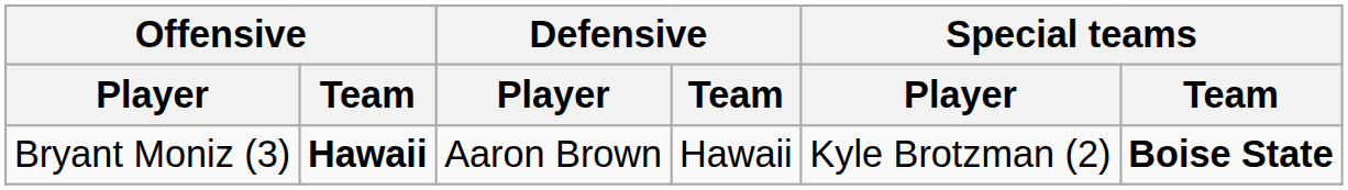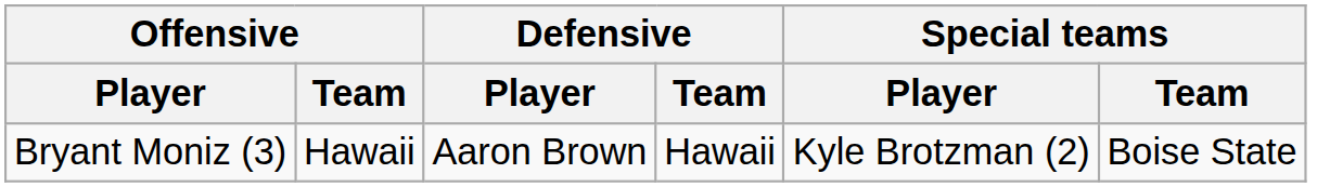 <table class="wikitable">
 <tr>
 <th colspan="2">Offensive</th>
 <th colspan="2">Defensive</th>
 <th colspan="2">Special teams</th>
 </tr>
 <tr>
 <th>Player</th>
 <th>Team</th>
 <th>Player</th>
 <th>Team</th>
 <th>Player</th>
 <th>Team</th>
 </tr>
 <tr>
 <td>Bryant Moniz (3)</td>
-<td><strong>Hawaii</strong></td>
+<td>Hawaii</td>
 <td>Aaron Brown</td>
 <td>Hawaii</td>
 <td>Kyle Brotzman (2)</td>
-<td><strong>Boise State</strong></td>
+<td>Boise State</td>
 </tr>
 </table>
